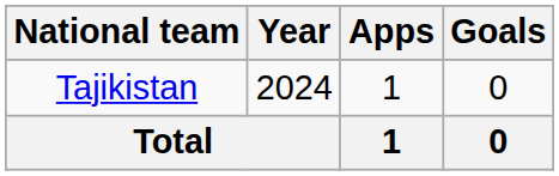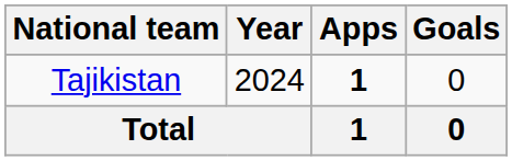 <table class="wikitable" style="text-align:center">
 <tr>
 <th>National team</th>
 <th>Year</th>
 <th>Apps</th>
 <th>Goals</th>
 </tr>
 <tr>
 <td rowspan="1"><a href='#'>Tajikistan</a></td>
 <td>2024</td>
-<td>1</td>
+<td><strong>1</strong></td>
 <td>0</td>
 </tr>
 <tr>
 <th colspan="2">Total</th>
 <th>1</th>
 <th>0</th>
 </tr>
 </table>
